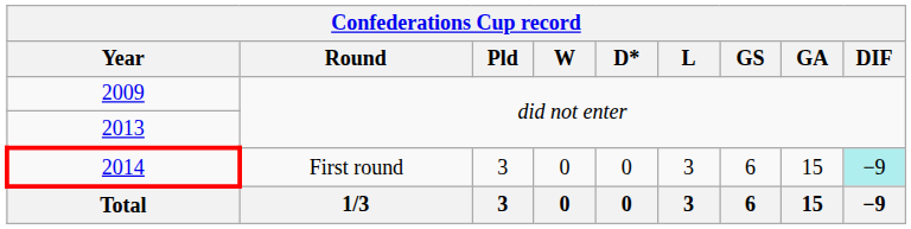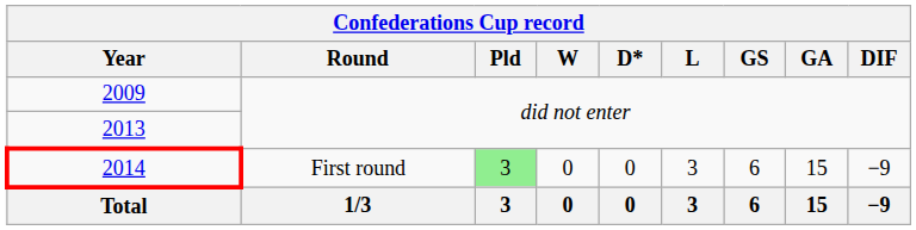 <table class="wikitable" style="text-align: center;font-size:90%;">
 <tr>
 <th colspan=9><a href='#'>Confederations Cup record</a></th>
 </tr>
 <tr>
 <th width=150>Year</th>
 <th width=150>Round</th>
 <th width=35>Pld</th>
 <th width=35>W</th>
 <th width=35>D*</th>
 <th width=35>L</th>
 <th width=35>GS</th>
 <th width=35>GA</th>
 <th width=35>DIF</th>
 </tr>
 <tr>
 <td> <a href='#'>2009</a></td>
 <td colspan="8" rowspan="2"><em>did not enter</em></td>
 </tr>
 <tr>
 <td> <a href='#'>2013</a></td>
 </tr>
 <tr>
 <td style="border: 3px solid red"> <a href='#'>2014</a></td>
 <td>First round</td>
-<td>3</td>
+<td style="background: lightgreen;">3</td>
 <td>0</td>
 <td>0</td>
 <td>3</td>
 <td>6</td>
 <td>15</td>
-<td style="background: paleturquoise;">−9</td>
+<td>−9</td>
 </tr>
 <tr>
 <th><strong>Total</strong></th>
 <th>1/3</th>
 <th>3</th>
 <th>0</th>
 <th>0</th>
 <th>3</th>
 <th>6</th>
 <th>15</th>
 <th>−9</th>
 </tr>
 </table>
